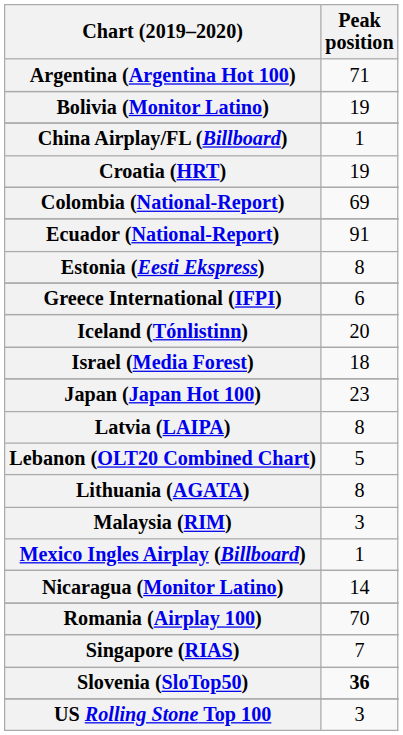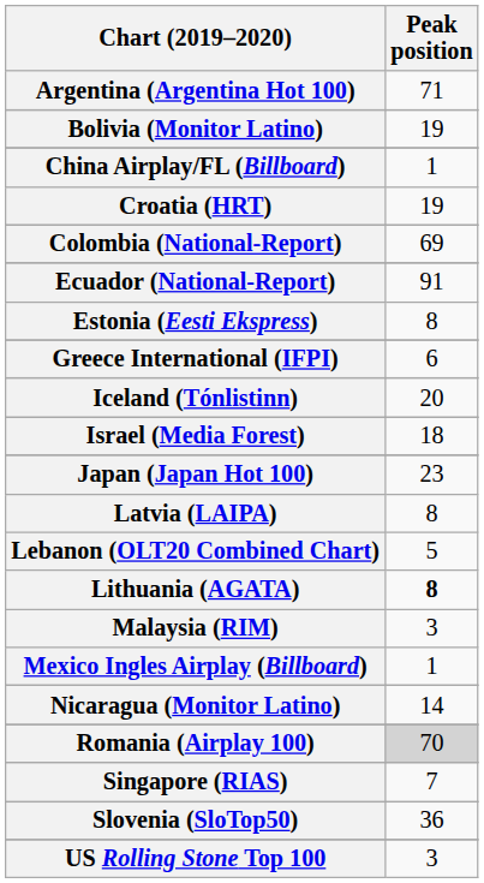 <table class="wikitable sortable plainrowheaders" style="text-align:center">
 <tr>
 <th scope="col">Chart (2019–2020)</th>
 <th scope="col">Peak<br>position</th>
 </tr>
 <tr>
 <th scope="row">Argentina (<a href='#'>Argentina Hot 100</a>)</th>
 <td>71</td>
 </tr>
 <tr>
 </tr>
 <tr>
 </tr>
 <tr>
 </tr>
 <tr>
 </tr>
 <tr>
 <th scope="row">Bolivia (<a href='#'>Monitor Latino</a>)</th>
 <td>19</td>
 </tr>
 <tr>
 </tr>
 <tr>
 </tr>
 <tr>
 </tr>
 <tr>
 </tr>
 <tr>
 <th scope="row">China Airplay/FL (<em><a href='#'>Billboard</a></em>)</th>
 <td>1</td>
 </tr>
 <tr>
 <th scope="row">Croatia (<a href='#'>HRT</a>)</th>
 <td>19</td>
 </tr>
 <tr>
 </tr>
 <tr>
 <th scope="row">Colombia (<a href='#'>National-Report</a>)</th>
 <td>69</td>
 </tr>
 <tr>
 </tr>
 <tr>
 <th scope="row">Ecuador (<a href='#'>National-Report</a>)</th>
 <td align="center">91</td>
 </tr>
 <tr>
 <th scope="row">Estonia (<em><a href='#'>Eesti Ekspress</a></em>)</th>
 <td>8</td>
 </tr>
 <tr>
 </tr>
 <tr>
 </tr>
 <tr>
 </tr>
 <tr>
 </tr>
 <tr>
 <th scope="row">Greece International (<a href='#'>IFPI</a>)</th>
 <td>6</td>
 </tr>
 <tr>
 </tr>
 <tr>
 </tr>
 <tr>
 <th scope="row">Iceland (<a href='#'>Tónlistinn</a>)</th>
 <td>20</td>
 </tr>
 <tr>
 </tr>
 <tr>
 <th scope="row">Israel (<a href='#'>Media Forest</a>)</th>
 <td>18</td>
 </tr>
 <tr>
 </tr>
 <tr>
 <th scope="row">Japan (<a href='#'>Japan Hot 100</a>)</th>
 <td>23</td>
 </tr>
 <tr>
 <th scope="row">Latvia (<a href='#'>LAIPA</a>)</th>
 <td>8</td>
 </tr>
 <tr>
 <th scope="row">Lebanon (<a href='#'>OLT20 Combined Chart</a>)</th>
 <td>5</td>
 </tr>
 <tr>
 <th scope="row">Lithuania (<a href='#'>AGATA</a>)</th>
-<td>8</td>
+<td><strong>8</strong></td>
 </tr>
 <tr>
 <th scope="row">Malaysia (<a href='#'>RIM</a>)</th>
 <td>3</td>
 </tr>
 <tr>
 <th scope="row"><a href='#'>Mexico Ingles Airplay</a> (<em><a href='#'>Billboard</a></em>)</th>
 <td>1</td>
 </tr>
 <tr>
 </tr>
 <tr>
 </tr>
 <tr>
 </tr>
 <tr>
 <th scope="row">Nicaragua (<a href='#'>Monitor Latino</a>)</th>
 <td>14</td>
 </tr>
 <tr>
 </tr>
 <tr>
 </tr>
 <tr>
 <th scope="row">Romania (<a href='#'>Airplay 100</a>)</th>
-<td>70</td>
+<td style="background: lightgrey;">70</td>
 </tr>
 <tr>
 </tr>
 <tr>
 <th scope="row">Singapore (<a href='#'>RIAS</a>)</th>
 <td>7</td>
 </tr>
 <tr>
 </tr>
 <tr>
 </tr>
 <tr>
 <th scope="row">Slovenia (<a href='#'>SloTop50</a>)</th>
-<td><strong>36</strong></td>
+<td>36</td>
 </tr>
 <tr>
 </tr>
 <tr>
 </tr>
 <tr>
 </tr>
 <tr>
 </tr>
 <tr>
 </tr>
 <tr>
 </tr>
 <tr>
 </tr>
 <tr>
 </tr>
 <tr>
 </tr>
 <tr>
 </tr>
 <tr>
 <th scope="row">US <a href='#'><em>Rolling Stone</em> Top 100</a></th>
 <td>3</td>
 </tr>
 </table>
